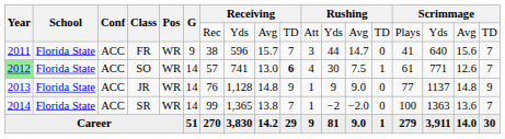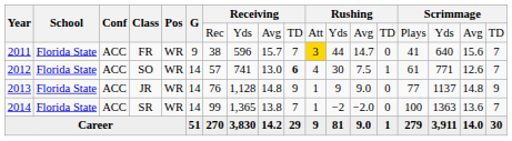 <table class="wikitable" style="text-align:center">
 <tr>
 <th rowspan="2">Year</th>
 <th rowspan="2">School</th>
 <th rowspan="2">Conf</th>
 <th rowspan="2">Class</th>
 <th rowspan="2">Pos</th>
 <th rowspan="2">G</th>
 <th colspan="4">Receiving</th>
 <th colspan="4">Rushing</th>
 <th colspan="4">Scrimmage</th>
 </tr>
 <tr>
 <td>Rec</td>
 <td>Yds</td>
 <td>Avg</td>
 <td>TD</td>
 <td>Att</td>
 <td>Yds</td>
 <td>Avg</td>
 <td>TD</td>
 <td>Plays</td>
 <td>Yds</td>
 <td>Avg</td>
 <td>TD</td>
 </tr>
 <tr>
 <td><a href='#'>2011</a></td>
 <td><a href='#'>Florida State</a></td>
 <td>ACC</td>
 <td>FR</td>
 <td>WR</td>
 <td>9</td>
 <td>38</td>
 <td>596</td>
 <td>15.7</td>
 <td>7</td>
-<td>3</td>
+<td style="background: gold;">3</td>
 <td>44</td>
 <td>14.7</td>
 <td>0</td>
 <td>41</td>
 <td>640</td>
 <td>15.6</td>
 <td>7</td>
 </tr>
 <tr>
-<td style="background: lightgreen;"><a href='#'>2012</a></td>
+<td><a href='#'>2012</a></td>
 <td><a href='#'>Florida State</a></td>
 <td>ACC</td>
 <td>SO</td>
 <td>WR</td>
 <td>14</td>
 <td>57</td>
 <td>741</td>
 <td>13.0</td>
 <td><strong>6</strong></td>
 <td>4</td>
 <td>30</td>
 <td>7.5</td>
 <td>1</td>
 <td>61</td>
 <td>771</td>
 <td>12.6</td>
 <td>7</td>
 </tr>
 <tr>
 <td><a href='#'>2013</a></td>
 <td><a href='#'>Florida State</a></td>
 <td>ACC</td>
 <td>JR</td>
 <td>WR</td>
 <td>14</td>
 <td>76</td>
 <td>1,128</td>
 <td>14.8</td>
 <td>9</td>
 <td>1</td>
 <td>9</td>
 <td>9.0</td>
 <td>0</td>
 <td>77</td>
 <td>1137</td>
 <td>14.8</td>
 <td>9</td>
 </tr>
 <tr>
 <td><a href='#'>2014</a></td>
 <td><a href='#'>Florida State</a></td>
 <td>ACC</td>
 <td>SR</td>
 <td>WR</td>
 <td>14</td>
 <td>99</td>
 <td>1,365</td>
 <td>13.8</td>
 <td>7</td>
 <td>1</td>
 <td>−2</td>
 <td>−2.0</td>
 <td>0</td>
 <td>100</td>
 <td>1363</td>
 <td>13.6</td>
 <td>7</td>
 </tr>
 <tr class="sortbottom" style="background:#eee;">
 <td colspan=5><strong>Career</strong></td>
 <td style="font-weight:bold;">51</td>
 <td style="font-weight:bold;">270</td>
 <td style="font-weight:bold;">3,830</td>
 <td style="font-weight:bold;">14.2</td>
 <td style="font-weight:bold;">29</td>
 <td style="font-weight:bold;">9</td>
 <td style="font-weight:bold;">81</td>
 <td style="font-weight:bold;">9.0</td>
 <td style="font-weight:bold;">1</td>
 <td style="font-weight:bold;">279</td>
 <td style="font-weight:bold;">3,911</td>
 <td style="font-weight:bold;">14.0</td>
 <td style="font-weight:bold;">30</td>
 </tr>
 </table>
